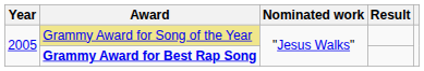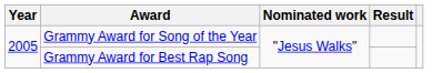 <table class="wikitable sortable">
 <tr>
 <th>Year</th>
 <th>Award</th>
 <th>Nominated work</th>
 <th>Result</th>
 <th></th>
 </tr>
 <tr>
 <td rowspan="2" align=center><a href='#'>2005</a></td>
-<td style="background: khaki;"><a href='#'>Grammy Award for Song of the Year</a></td>
+<td><a href='#'>Grammy Award for Song of the Year</a></td>
 <td rowspan="2" align=center>"<a href='#'>Jesus Walks</a>"</td>
 <td></td>
 <td rowspan="2" align=center></td>
 </tr>
 <tr>
-<td><strong><a href='#'>Grammy Award for Best Rap Song</a></strong></td>
+<td><a href='#'>Grammy Award for Best Rap Song</a></td>
 <td></td>
 </tr>
 </table>
